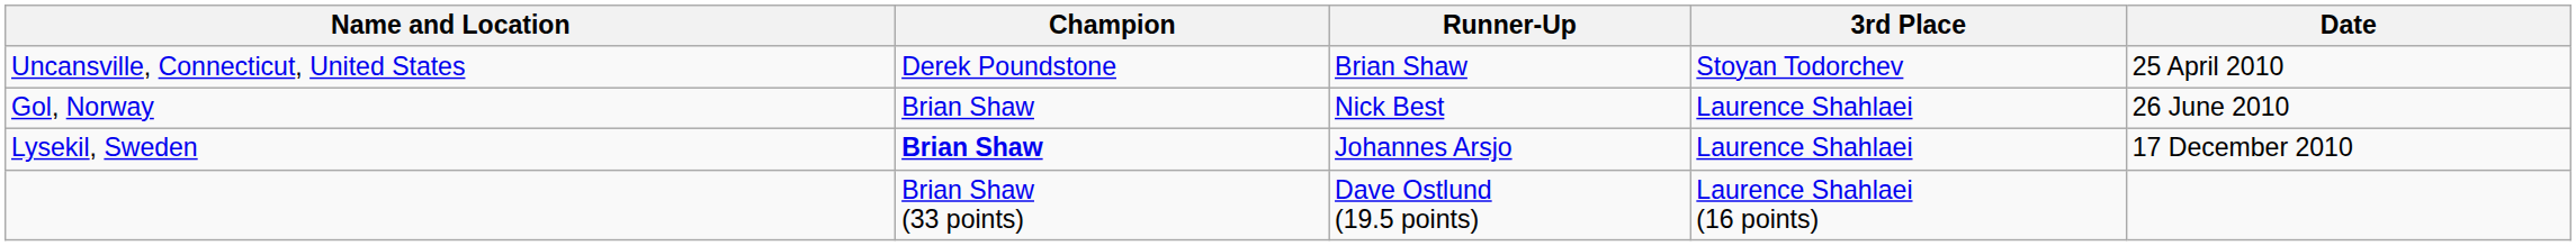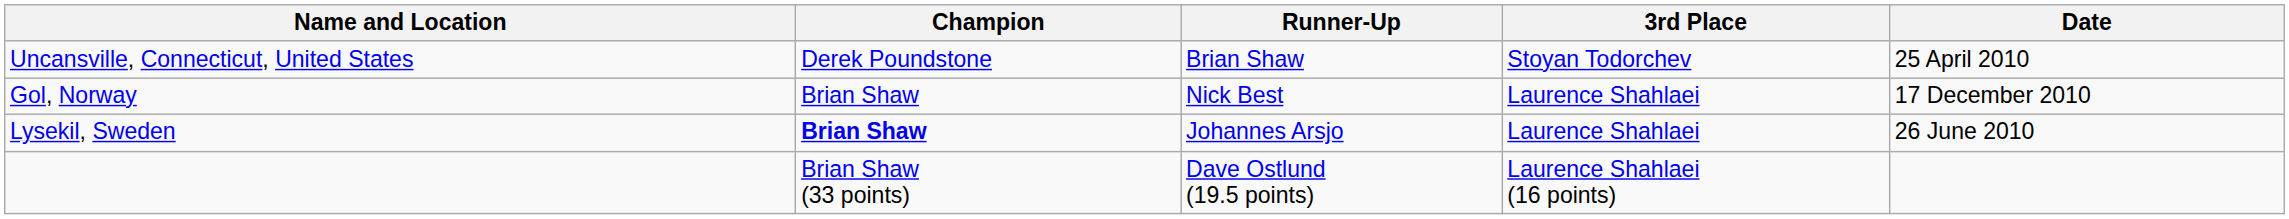 <table class="wikitable" style="display: inline-table;width: 100%;">
 <tr>
 <th>Name and Location</th>
 <th>Champion</th>
 <th>Runner-Up</th>
 <th>3rd Place</th>
 <th>Date</th>
 </tr>
 <tr>
 <td> <a href='#'>Uncansville</a>, <a href='#'>Connecticut</a>, <a href='#'>United States</a> <br> </td>
 <td> <a href='#'>Derek Poundstone</a></td>
 <td> <a href='#'>Brian Shaw</a></td>
 <td> <a href='#'>Stoyan Todorchev</a></td>
 <td>25 April 2010</td>
 </tr>
 <tr>
 <td> <a href='#'>Gol</a>, <a href='#'>Norway</a> <br> </td>
 <td> <a href='#'>Brian Shaw</a></td>
 <td> <a href='#'>Nick Best</a></td>
 <td> <a href='#'>Laurence Shahlaei</a></td>
-<td>26 June 2010</td>
+<td>17 December 2010</td>
 </tr>
 <tr>
 <td> <a href='#'>Lysekil</a>, <a href='#'>Sweden</a> <br> </td>
 <td><strong> <a href='#'>Brian Shaw</a></strong></td>
 <td> <a href='#'>Johannes Arsjo</a></td>
 <td> <a href='#'>Laurence Shahlaei</a></td>
-<td>17 December 2010</td>
+<td>26 June 2010</td>
 </tr>
 <tr>
 <td></td>
 <td> <a href='#'>Brian Shaw</a> <br> (33 points)</td>
 <td> <a href='#'>Dave Ostlund</a> <br> (19.5 points)</td>
 <td> <a href='#'>Laurence Shahlaei</a> <br> (16 points)</td>
 <td></td>
 </tr>
 </table>
